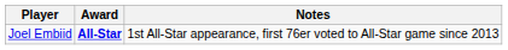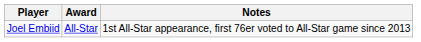 <table class="wikitable sortable sortable">
 <tr>
 <th>Player</th>
 <th>Award</th>
 <th>Notes</th>
 </tr>
 <tr style="text-align: center">
 <td><a href='#'>Joel Embiid</a></td>
-<td><strong><a href='#'>All-Star</a></strong></td>
+<td><a href='#'>All-Star</a></td>
 <td>1st All-Star appearance, first 76er voted to All-Star game since 2013</td>
 </tr>
 </table>
